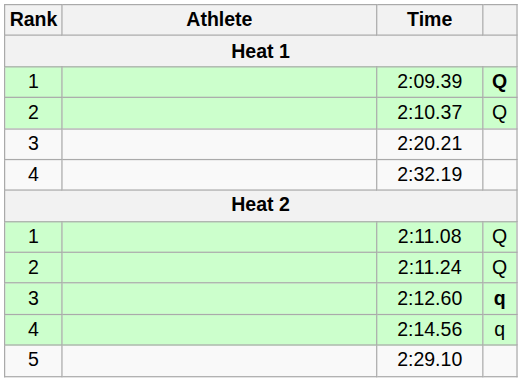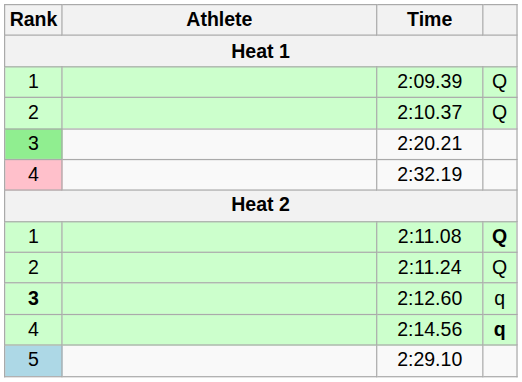 <table class=wikitable style="text-align:center">
 <tr>
 <th width=40>Rank</th>
 <th width=250>Athlete</th>
 <th width=80>Time</th>
 <th width=20></th>
 </tr>
 <tr>
 <th colspan=4>Heat 1</th>
 </tr>
 <tr bgcolor="ccffcc">
 <td>1</td>
 <td align=left></td>
 <td>2:09.39</td>
-<td><strong>Q</strong></td>
+<td>Q</td>
 </tr>
 <tr bgcolor="ccffcc">
 <td>2</td>
 <td align=left></td>
 <td>2:10.37</td>
 <td>Q</td>
 </tr>
 <tr>
-<td>3</td>
+<td style="background: lightgreen;">3</td>
 <td align=left></td>
 <td>2:20.21</td>
 <td></td>
 </tr>
 <tr>
-<td>4</td>
+<td style="background: pink;">4</td>
 <td align=left></td>
 <td>2:32.19</td>
 <td></td>
 </tr>
 <tr>
 <th colspan=4>Heat 2</th>
 </tr>
 <tr bgcolor="ccffcc">
 <td>1</td>
 <td align=left></td>
 <td>2:11.08</td>
-<td>Q</td>
+<td><strong>Q</strong></td>
 </tr>
 <tr bgcolor="ccffcc">
 <td>2</td>
 <td align=left></td>
 <td>2:11.24</td>
 <td>Q</td>
 </tr>
 <tr bgcolor="ccffcc">
-<td>3</td>
+<td><strong>3</strong></td>
 <td align=left></td>
 <td>2:12.60</td>
-<td><strong>q</strong></td>
+<td>q</td>
 </tr>
 <tr bgcolor="ccffcc">
 <td>4</td>
 <td align=left></td>
 <td>2:14.56</td>
-<td>q</td>
+<td><strong>q</strong></td>
 </tr>
 <tr>
-<td>5</td>
+<td style="background: lightblue;">5</td>
 <td align=left></td>
 <td>2:29.10</td>
 <td></td>
 </tr>
 </table>
